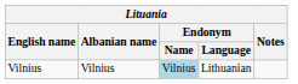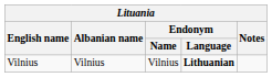 <table class="wikitable sortable">
 <tr>
 <th colspan="5"> <em>Lituania</em></th>
 </tr>
 <tr>
 <th rowspan="2">English name</th>
 <th rowspan="2">Albanian name</th>
 <th colspan="2">Endonym</th>
 <th rowspan="2">Notes</th>
 </tr>
 <tr>
 <th>Name</th>
 <th>Language</th>
 </tr>
 <tr>
 <td>Vilnius</td>
 <td>Vilnius</td>
-<td style="background: lightblue;">Vilnius</td>
-<td>Lithuanian</td>
+<td>Vilnius</td>
+<td><strong>Lithuanian</strong></td>
 <td></td>
 </tr>
 </table>
